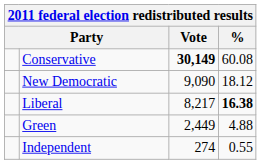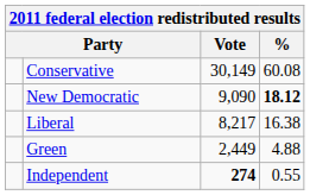 <table class="wikitable">
 <tr>
 <th colspan="4"><a href='#'>2011 federal election</a> redistributed results</th>
 </tr>
 <tr>
 <th bgcolor="#DDDDFF" width="130px" colspan="2">Party</th>
 <th bgcolor="#DDDDFF" width="50px">Vote</th>
 <th bgcolor="#DDDDFF" width="30px">%</th>
 </tr>
 <tr>
 <td> </td>
 <td><a href='#'>Conservative</a></td>
-<td align=right><strong>30,149</strong></td>
+<td align=right>30,149</td>
 <td align=right>60.08</td>
 </tr>
 <tr>
 <td> </td>
 <td><a href='#'>New Democratic</a></td>
 <td align=right>9,090</td>
-<td align=right>18.12</td>
+<td align=right><strong>18.12</strong></td>
 </tr>
 <tr>
 <td> </td>
 <td><a href='#'>Liberal</a></td>
 <td align=right>8,217</td>
-<td align=right><strong>16.38</strong></td>
+<td align=right>16.38</td>
 </tr>
 <tr>
 <td> </td>
 <td><a href='#'>Green</a></td>
 <td align=right>2,449</td>
 <td align=right>4.88</td>
 </tr>
 <tr>
 <td> </td>
 <td><a href='#'>Independent</a></td>
-<td align=right>274</td>
+<td align=right><strong>274</strong></td>
 <td align=right>0.55</td>
 </tr>
 </table>
